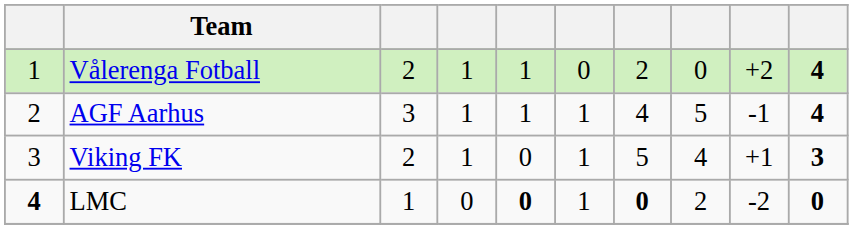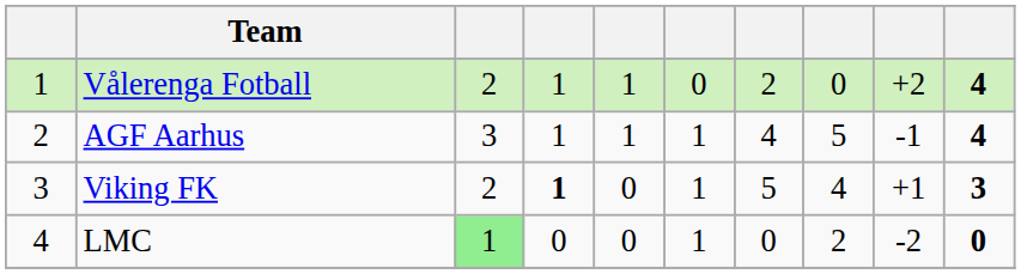 <table class="wikitable" style="text-align: center; font-size: 90%;">
 <tr>
 <th width=25></th>
 <th width=165>Team</th>
 <th width=25></th>
 <th width=25></th>
 <th width=25></th>
 <th width=25></th>
 <th width=25></th>
 <th width=25></th>
 <th width=25></th>
 <th width=25></th>
 </tr>
 <tr bgcolor=#d0f0c0>
 <td>1</td>
 <td align="left"> <a href='#'>Vålerenga Fotball</a></td>
 <td>2</td>
 <td>1</td>
 <td>1</td>
 <td>0</td>
 <td>2</td>
 <td>0</td>
 <td>+2</td>
 <td><strong>4</strong></td>
 </tr>
 <tr>
 <td>2</td>
 <td align="left"> <a href='#'>AGF Aarhus</a></td>
 <td>3</td>
 <td>1</td>
 <td>1</td>
 <td>1</td>
 <td>4</td>
 <td>5</td>
 <td>-1</td>
 <td><strong>4</strong></td>
 </tr>
 <tr>
 <td>3</td>
 <td align="left"> <a href='#'>Viking FK</a></td>
 <td>2</td>
-<td>1</td>
+<td><strong>1</strong></td>
 <td>0</td>
 <td>1</td>
 <td>5</td>
 <td>4</td>
 <td>+1</td>
 <td><strong>3</strong></td>
 </tr>
 <tr>
-<td><strong>4</strong></td>
+<td>4</td>
 <td align="left"> LMC</td>
+<td style="background: lightgreen;">1</td>
+<td>0</td>
+<td>0</td>
 <td>1</td>
 <td>0</td>
-<td><strong>0</strong></td>
-<td>1</td>
-<td><strong>0</strong></td>
 <td>2</td>
 <td>-2</td>
 <td><strong>0</strong></td>
 </tr>
 <tr>
 </tr>
 </table>
